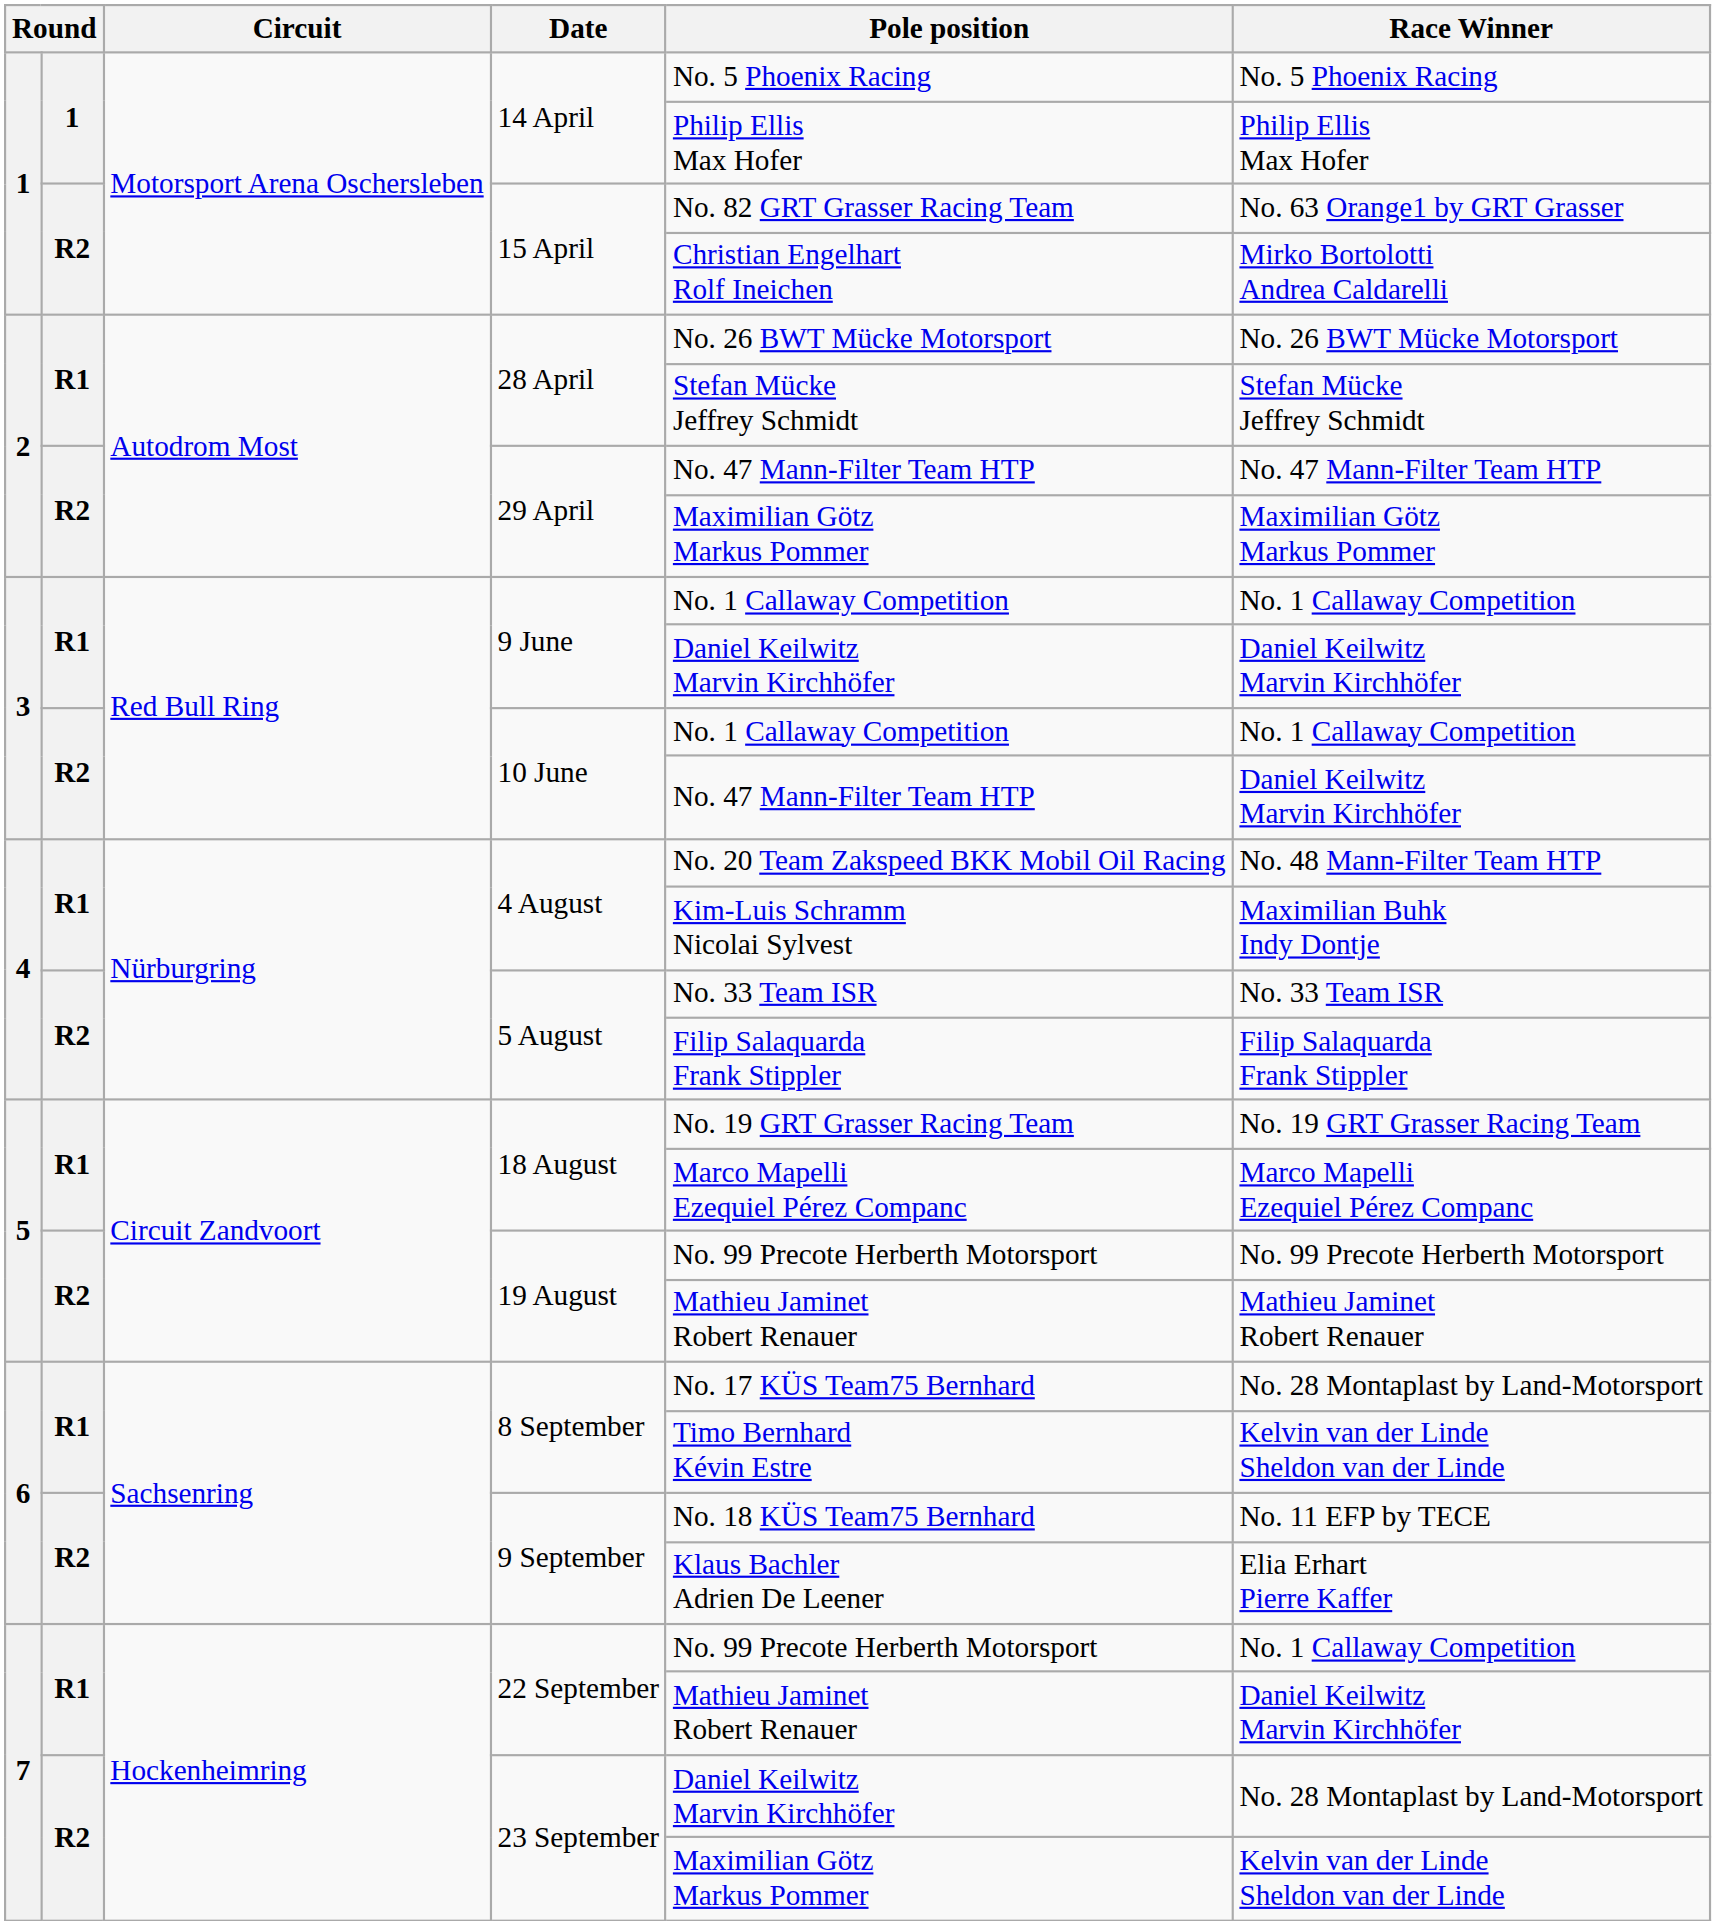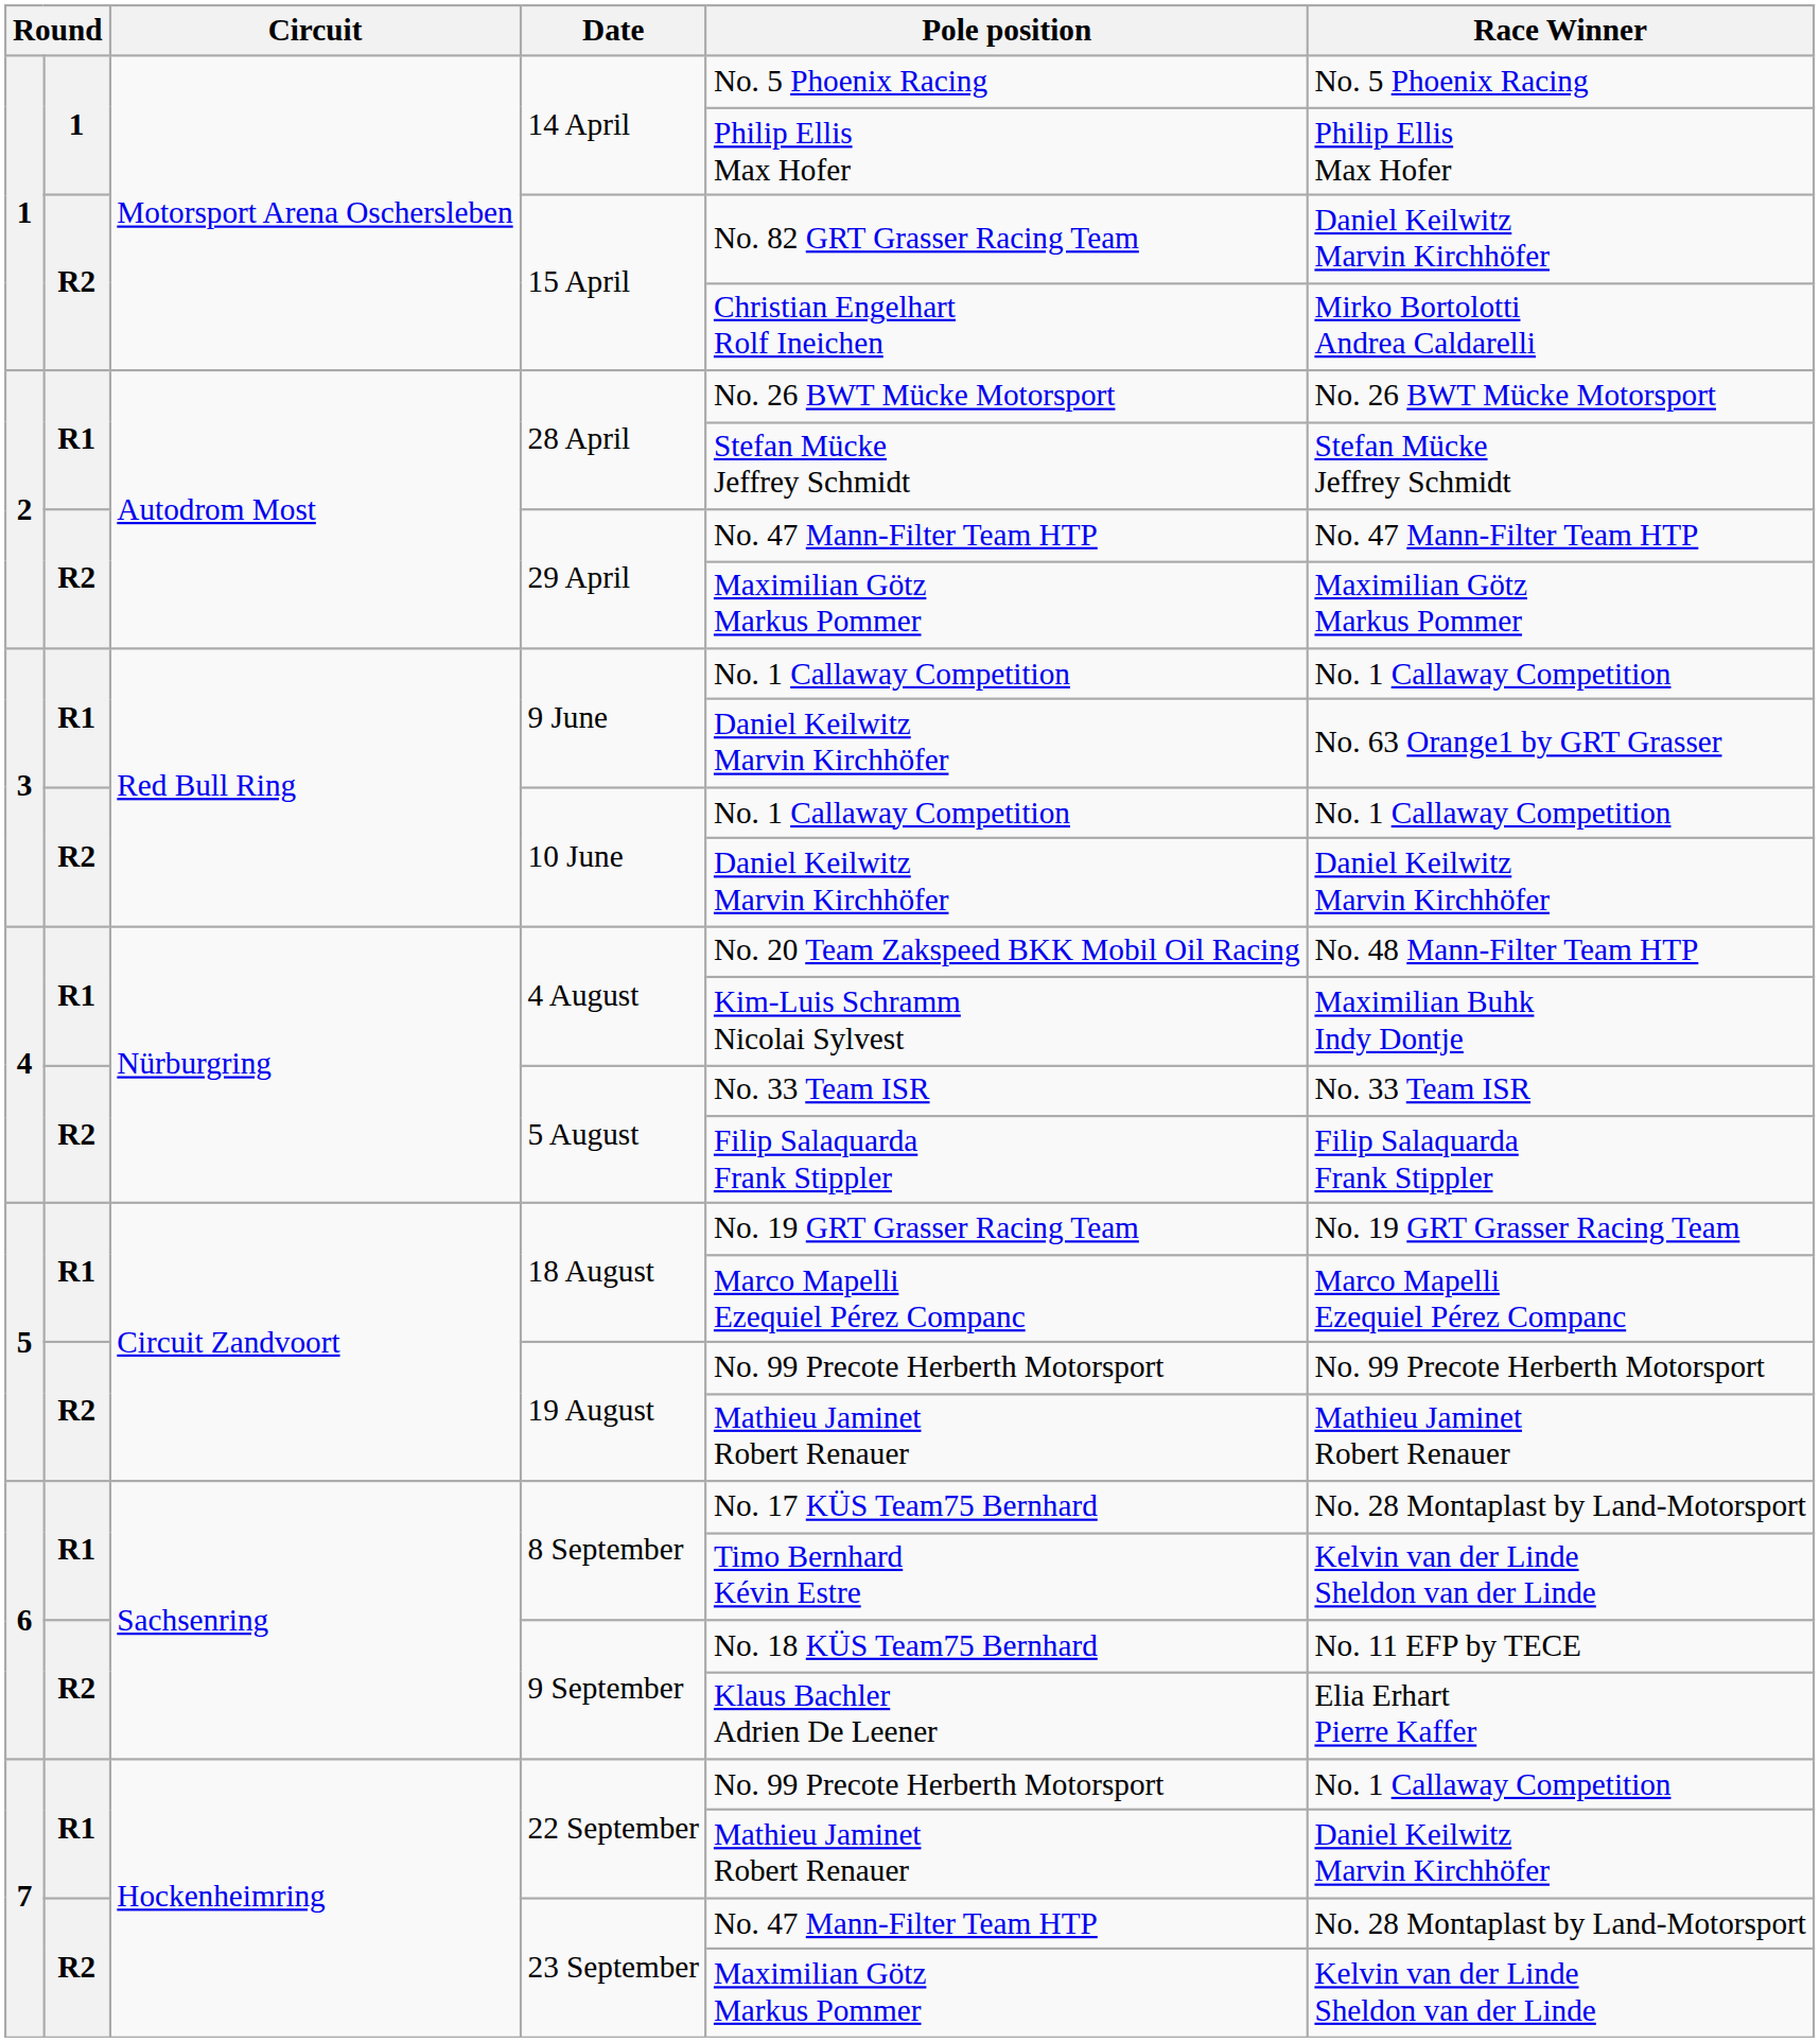 <table class="wikitable" style="font-size: 85%;">
 <tr>
 <th colspan=2>Round</th>
 <th>Circuit</th>
 <th>Date</th>
 <th>Pole position</th>
 <th>Race Winner</th>
 </tr>
 <tr>
 <th rowspan=4>1</th>
 <th rowspan=2>1</th>
 <td rowspan=4> <a href='#'>Motorsport Arena Oschersleben</a></td>
 <td rowspan=2>14 April</td>
 <td> No. 5 <a href='#'>Phoenix Racing</a></td>
 <td> No. 5 <a href='#'>Phoenix Racing</a></td>
 </tr>
 <tr>
 <td> <a href='#'>Philip Ellis</a><br> Max Hofer</td>
 <td> <a href='#'>Philip Ellis</a><br> Max Hofer</td>
 </tr>
 <tr>
 <th rowspan=2>R2</th>
 <td rowspan=2>15 April</td>
 <td> No. 82 <a href='#'>GRT Grasser Racing Team</a></td>
-<td> No. 63 <a href='#'>Orange1 by GRT Grasser</a></td>
+<td> <a href='#'>Daniel Keilwitz</a><br> <a href='#'>Marvin Kirchhöfer</a></td>
 </tr>
 <tr>
 <td> <a href='#'>Christian Engelhart</a><br> <a href='#'>Rolf Ineichen</a></td>
 <td> <a href='#'>Mirko Bortolotti</a><br> <a href='#'>Andrea Caldarelli</a></td>
 </tr>
 <tr>
 <th rowspan=4>2</th>
 <th rowspan=2>R1</th>
 <td rowspan=4> <a href='#'>Autodrom Most</a></td>
 <td rowspan=2>28 April</td>
 <td> No. 26 <a href='#'>BWT Mücke Motorsport</a></td>
 <td> No. 26 <a href='#'>BWT Mücke Motorsport</a></td>
 </tr>
 <tr>
 <td> <a href='#'>Stefan Mücke</a><br> Jeffrey Schmidt</td>
 <td> <a href='#'>Stefan Mücke</a><br> Jeffrey Schmidt</td>
 </tr>
 <tr>
 <th rowspan=2>R2</th>
 <td rowspan=2>29 April</td>
 <td> No. 47 <a href='#'>Mann-Filter Team HTP</a></td>
 <td> No. 47 <a href='#'>Mann-Filter Team HTP</a></td>
 </tr>
 <tr>
 <td> <a href='#'>Maximilian Götz</a><br> <a href='#'>Markus Pommer</a></td>
 <td> <a href='#'>Maximilian Götz</a><br> <a href='#'>Markus Pommer</a></td>
 </tr>
 <tr>
 <th rowspan=4>3</th>
 <th rowspan=2>R1</th>
 <td rowspan=4> <a href='#'>Red Bull Ring</a></td>
 <td rowspan=2>9 June</td>
 <td> No. 1 <a href='#'>Callaway Competition</a></td>
 <td> No. 1 <a href='#'>Callaway Competition</a></td>
 </tr>
 <tr>
 <td> <a href='#'>Daniel Keilwitz</a><br> <a href='#'>Marvin Kirchhöfer</a></td>
-<td> <a href='#'>Daniel Keilwitz</a><br> <a href='#'>Marvin Kirchhöfer</a></td>
+<td> No. 63 <a href='#'>Orange1 by GRT Grasser</a></td>
 </tr>
 <tr>
 <th rowspan=2>R2</th>
 <td rowspan=2>10 June</td>
 <td> No. 1 <a href='#'>Callaway Competition</a></td>
 <td> No. 1 <a href='#'>Callaway Competition</a></td>
 </tr>
 <tr>
-<td> No. 47 <a href='#'>Mann-Filter Team HTP</a></td>
+<td> <a href='#'>Daniel Keilwitz</a><br> <a href='#'>Marvin Kirchhöfer</a></td>
 <td> <a href='#'>Daniel Keilwitz</a><br> <a href='#'>Marvin Kirchhöfer</a></td>
 </tr>
 <tr>
 <th rowspan=4>4</th>
 <th rowspan=2>R1</th>
 <td rowspan=4> <a href='#'>Nürburgring</a></td>
 <td rowspan=2>4 August</td>
 <td> No. 20 <a href='#'>Team Zakspeed BKK Mobil Oil Racing</a></td>
 <td> No. 48 <a href='#'>Mann-Filter Team HTP</a></td>
 </tr>
 <tr>
 <td> <a href='#'>Kim-Luis Schramm</a><br> Nicolai Sylvest</td>
 <td> <a href='#'>Maximilian Buhk</a><br> <a href='#'>Indy Dontje</a></td>
 </tr>
 <tr>
 <th rowspan=2>R2</th>
 <td rowspan=2>5 August</td>
 <td> No. 33 <a href='#'>Team ISR</a></td>
 <td> No. 33 <a href='#'>Team ISR</a></td>
 </tr>
 <tr>
 <td> <a href='#'>Filip Salaquarda</a><br> <a href='#'>Frank Stippler</a></td>
 <td> <a href='#'>Filip Salaquarda</a><br> <a href='#'>Frank Stippler</a></td>
 </tr>
 <tr>
 <th rowspan=4>5</th>
 <th rowspan=2>R1</th>
 <td rowspan=4> <a href='#'>Circuit Zandvoort</a></td>
 <td rowspan=2>18 August</td>
 <td> No. 19 <a href='#'>GRT Grasser Racing Team</a></td>
 <td> No. 19 <a href='#'>GRT Grasser Racing Team</a></td>
 </tr>
 <tr>
 <td> <a href='#'>Marco Mapelli</a><br> <a href='#'>Ezequiel Pérez Companc</a></td>
 <td> <a href='#'>Marco Mapelli</a><br> <a href='#'>Ezequiel Pérez Companc</a></td>
 </tr>
 <tr>
 <th rowspan=2>R2</th>
 <td rowspan=2>19 August</td>
 <td> No. 99 Precote Herberth Motorsport</td>
 <td> No. 99 Precote Herberth Motorsport</td>
 </tr>
 <tr>
 <td> <a href='#'>Mathieu Jaminet</a><br> Robert Renauer</td>
 <td> <a href='#'>Mathieu Jaminet</a><br> Robert Renauer</td>
 </tr>
 <tr>
 <th rowspan=4>6</th>
 <th rowspan=2>R1</th>
 <td rowspan=4> <a href='#'>Sachsenring</a></td>
 <td rowspan=2>8 September</td>
 <td> No. 17 <a href='#'>KÜS Team75 Bernhard</a></td>
 <td> No. 28 Montaplast by Land-Motorsport</td>
 </tr>
 <tr>
 <td> <a href='#'>Timo Bernhard</a><br> <a href='#'>Kévin Estre</a></td>
 <td> <a href='#'>Kelvin van der Linde</a><br> <a href='#'>Sheldon van der Linde</a></td>
 </tr>
 <tr>
 <th rowspan=2>R2</th>
 <td rowspan=2>9 September</td>
 <td> No. 18 <a href='#'>KÜS Team75 Bernhard</a></td>
 <td> No. 11 EFP by TECE</td>
 </tr>
 <tr>
 <td> <a href='#'>Klaus Bachler</a><br> Adrien De Leener</td>
 <td> Elia Erhart<br> <a href='#'>Pierre Kaffer</a></td>
 </tr>
 <tr>
 <th rowspan=4>7</th>
 <th rowspan=2>R1</th>
 <td rowspan=4> <a href='#'>Hockenheimring</a></td>
 <td rowspan=2>22 September</td>
 <td> No. 99 Precote Herberth Motorsport</td>
 <td> No. 1 <a href='#'>Callaway Competition</a></td>
 </tr>
 <tr>
 <td> <a href='#'>Mathieu Jaminet</a><br> Robert Renauer</td>
 <td> <a href='#'>Daniel Keilwitz</a><br> <a href='#'>Marvin Kirchhöfer</a></td>
 </tr>
 <tr>
 <th rowspan=2>R2</th>
 <td rowspan=2>23 September</td>
-<td> <a href='#'>Daniel Keilwitz</a><br> <a href='#'>Marvin Kirchhöfer</a></td>
+<td> No. 47 <a href='#'>Mann-Filter Team HTP</a></td>
 <td> No. 28 Montaplast by Land-Motorsport</td>
 </tr>
 <tr>
 <td> <a href='#'>Maximilian Götz</a><br> <a href='#'>Markus Pommer</a></td>
 <td> <a href='#'>Kelvin van der Linde</a><br> <a href='#'>Sheldon van der Linde</a></td>
 </tr>
 </table>
